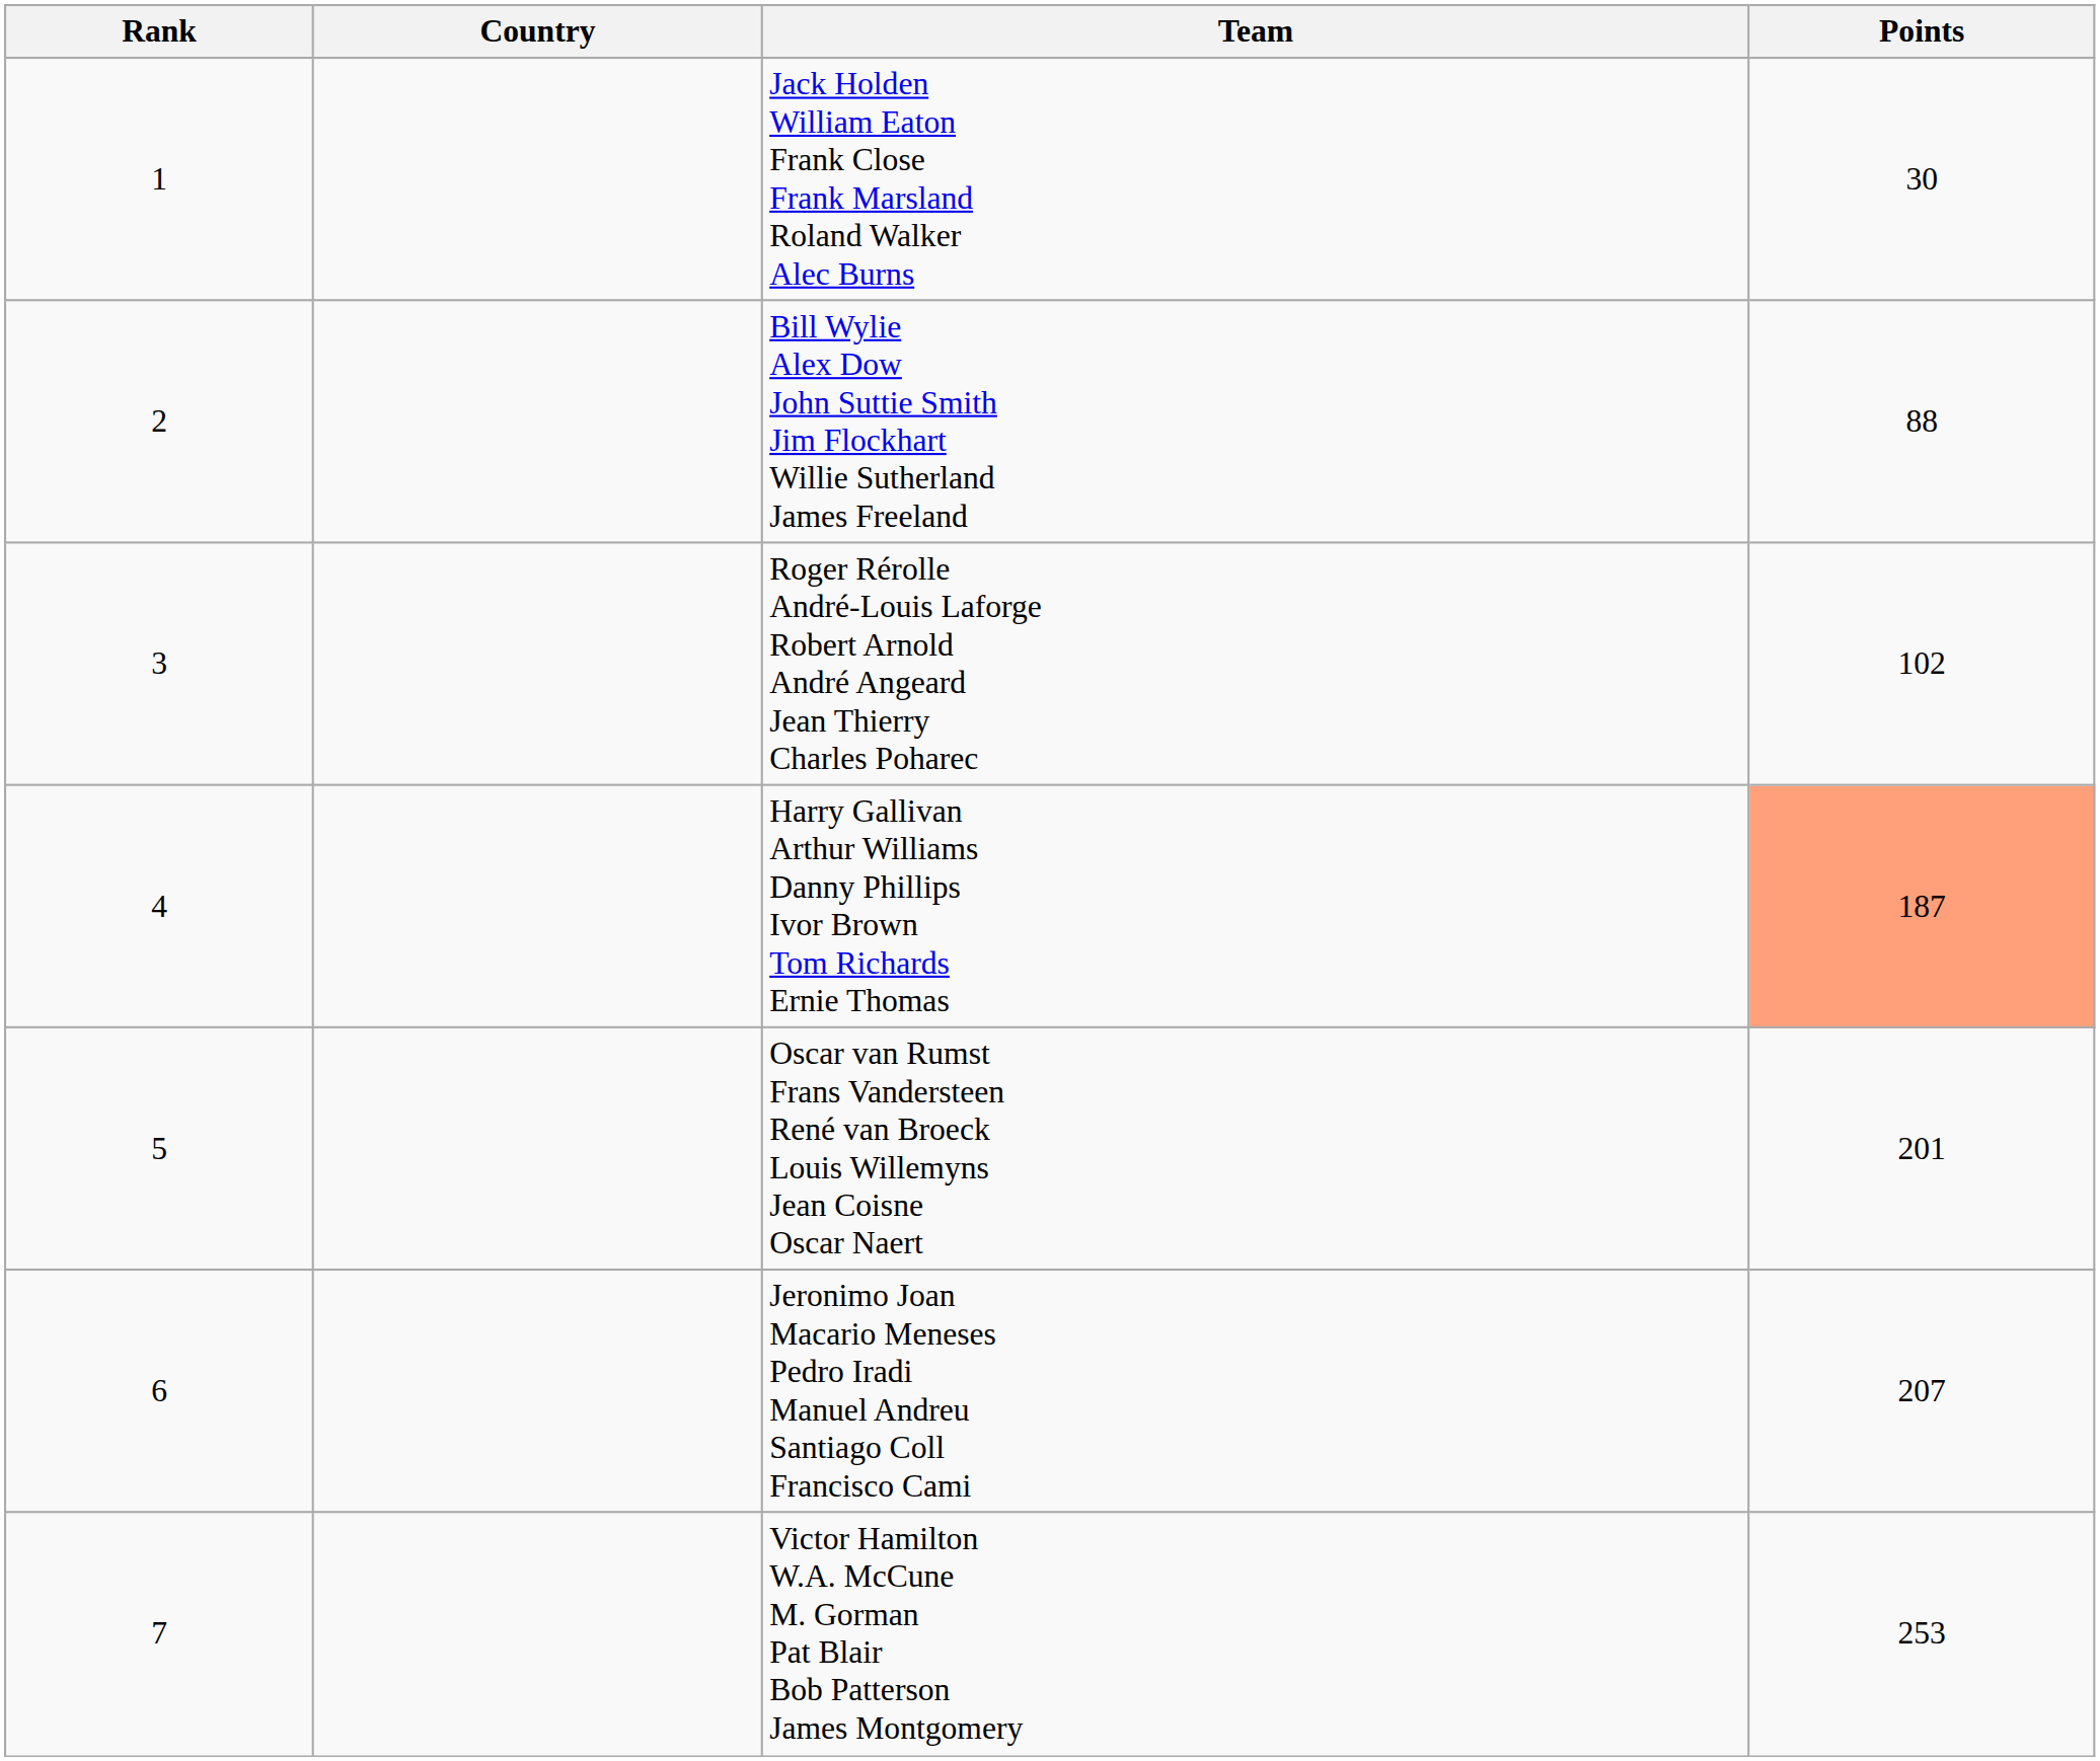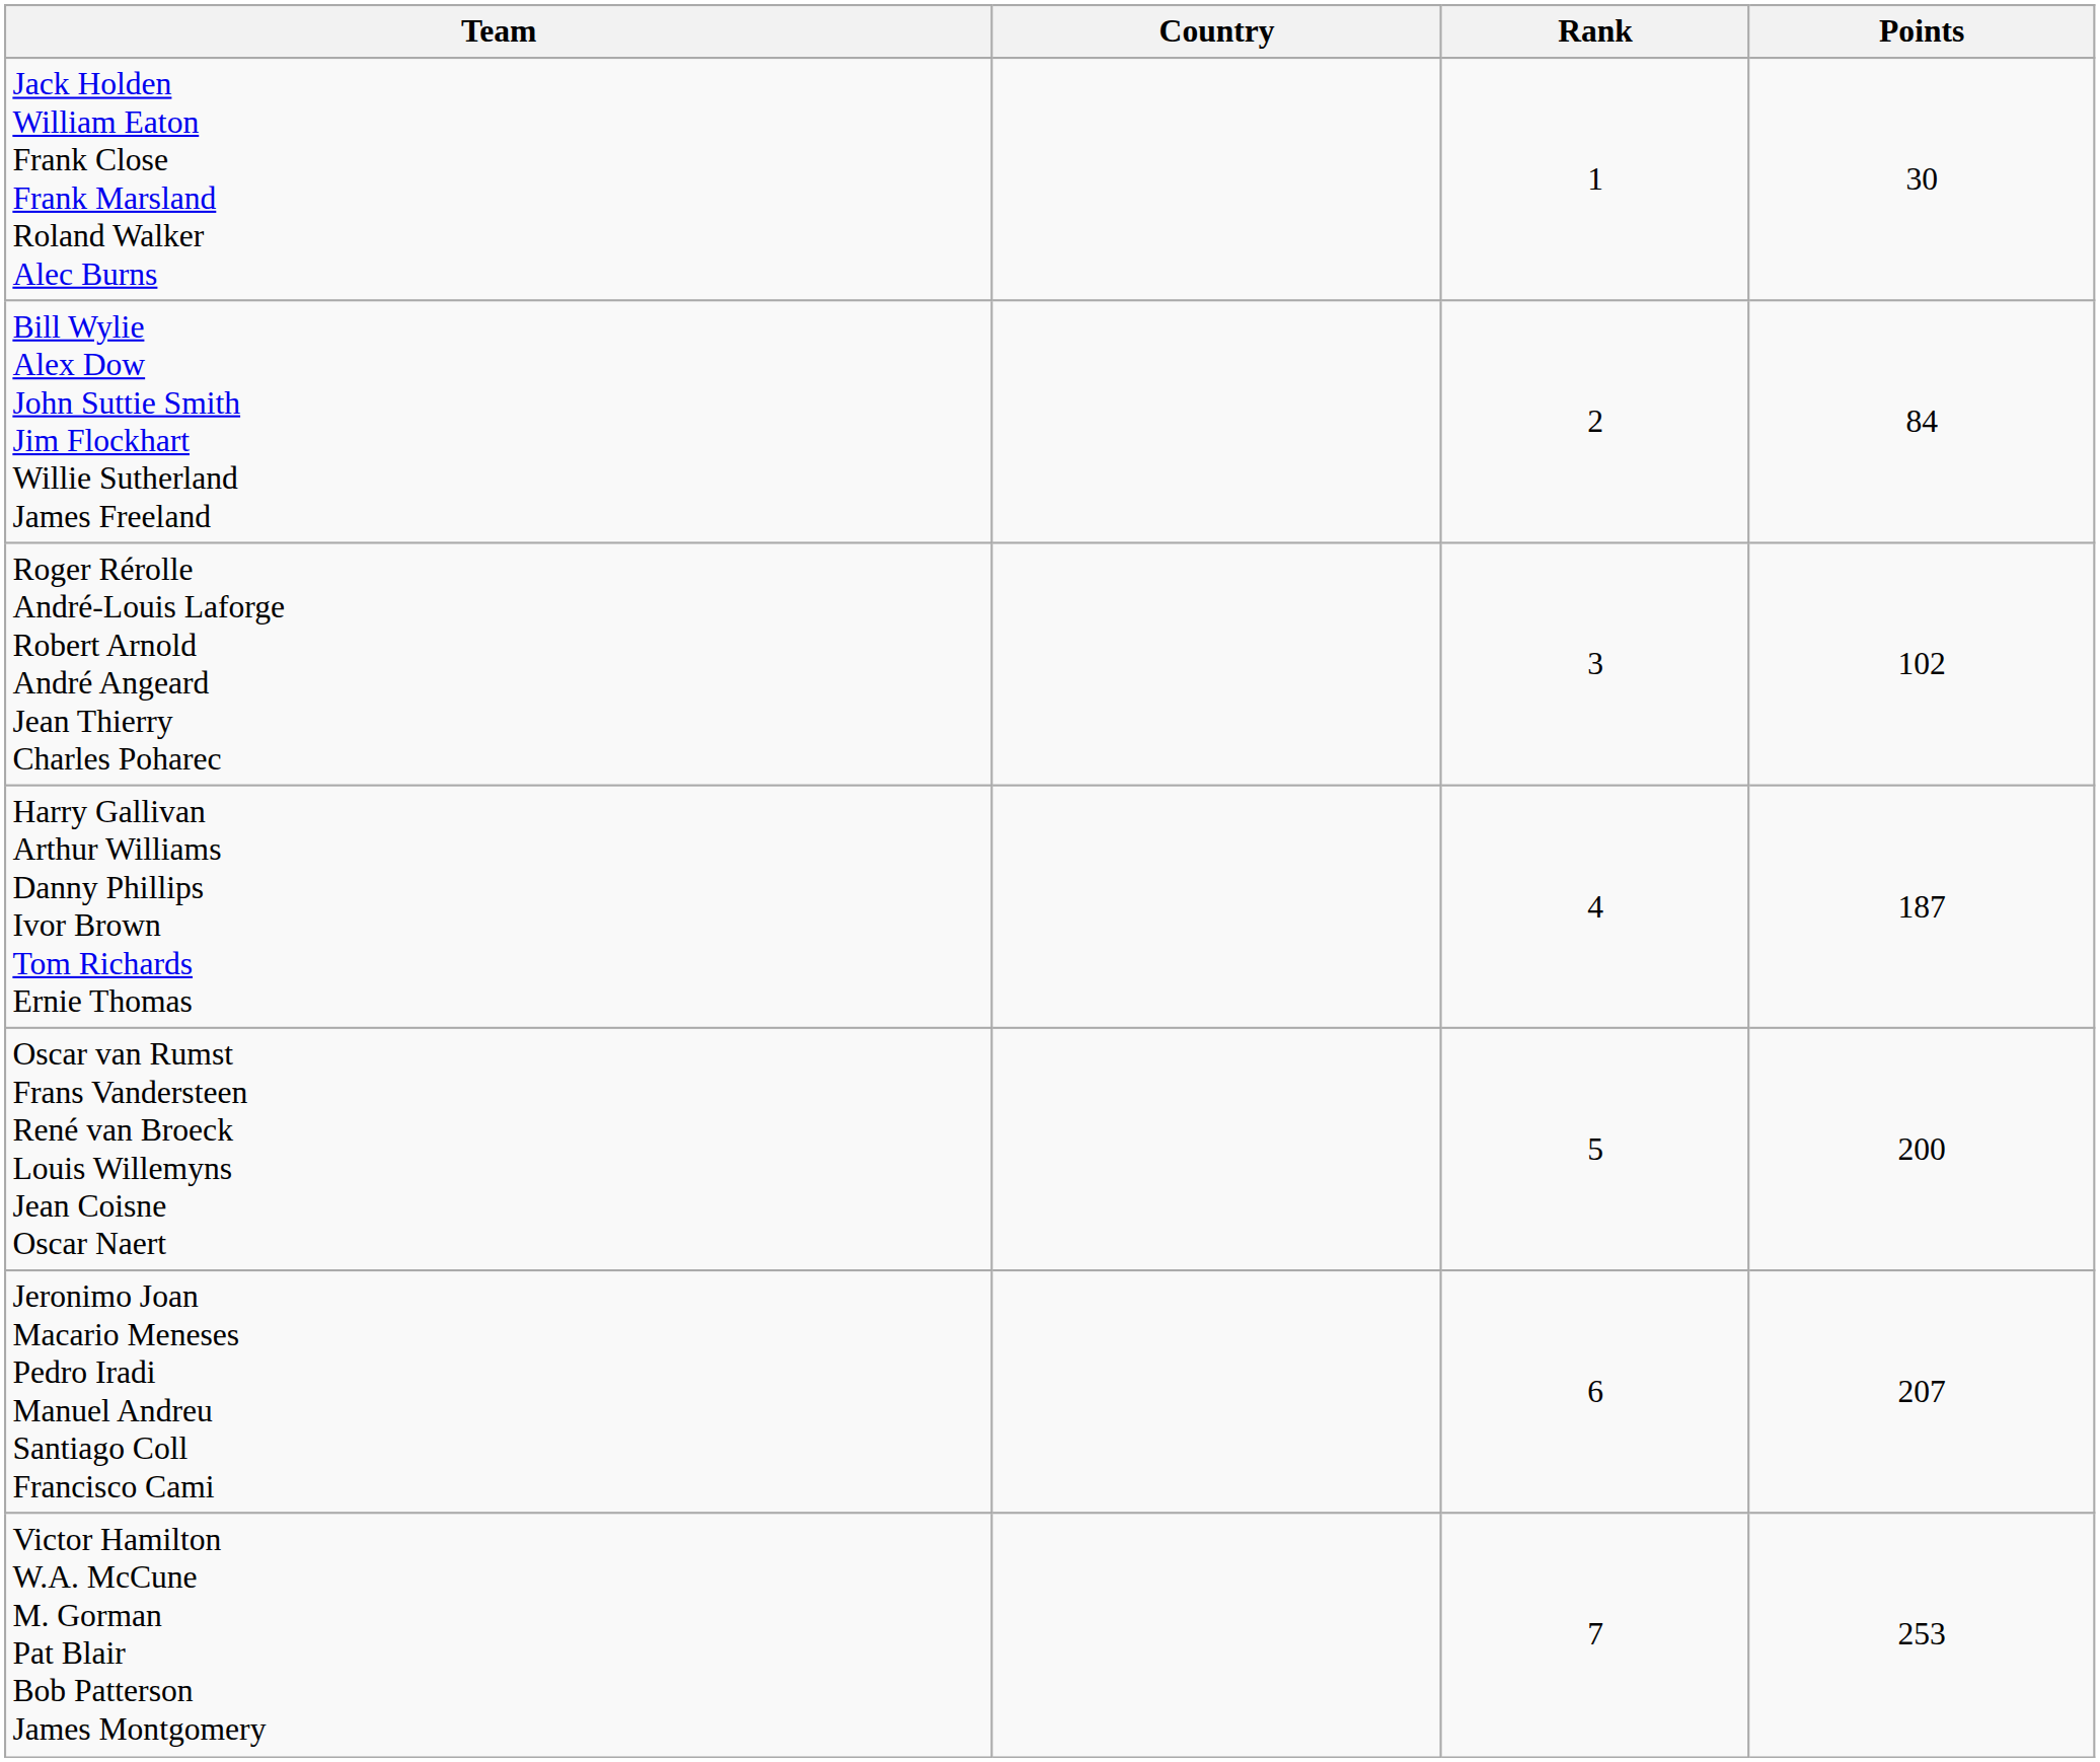 <table class="wikitable sortable" style=" text-align:center; font-size:95%;" width="50%">
 <tr>
+<th>Team</th>
+<th>Country</th>
 <th>Rank</th>
-<th>Country</th>
-<th>Team</th>
 <th>Points</th>
 </tr>
 <tr>
+<td align=left><a href='#'>Jack Holden</a><br><a href='#'>William Eaton</a><br>Frank Close<br><a href='#'>Frank Marsland</a><br>Roland Walker<br><a href='#'>Alec Burns</a></td>
+<td align=left></td>
 <td align=center>1</td>
-<td align=left></td>
-<td align=left><a href='#'>Jack Holden</a><br><a href='#'>William Eaton</a><br>Frank Close<br><a href='#'>Frank Marsland</a><br>Roland Walker<br><a href='#'>Alec Burns</a></td>
 <td>30</td>
 </tr>
 <tr>
+<td align=left><a href='#'>Bill Wylie</a><br><a href='#'>Alex Dow</a><br><a href='#'>John Suttie Smith</a><br><a href='#'>Jim Flockhart</a><br>Willie Sutherland<br>James Freeland</td>
+<td align=left></td>
 <td align=center>2</td>
-<td align=left></td>
-<td align=left><a href='#'>Bill Wylie</a><br><a href='#'>Alex Dow</a><br><a href='#'>John Suttie Smith</a><br><a href='#'>Jim Flockhart</a><br>Willie Sutherland<br>James Freeland</td>
-<td>88</td>
+<td>84</td>
 </tr>
 <tr>
+<td align=left>Roger Rérolle<br>André-Louis Laforge<br>Robert Arnold<br>André Angeard<br>Jean Thierry<br>Charles Poharec</td>
+<td align=left></td>
 <td align=center>3</td>
-<td align=left></td>
-<td align=left>Roger Rérolle<br>André-Louis Laforge<br>Robert Arnold<br>André Angeard<br>Jean Thierry<br>Charles Poharec</td>
 <td>102</td>
 </tr>
 <tr>
+<td align=left>Harry Gallivan<br>Arthur Williams<br>Danny Phillips<br>Ivor Brown<br><a href='#'>Tom Richards</a><br>Ernie Thomas</td>
+<td align=left></td>
 <td align=center>4</td>
-<td align=left></td>
-<td align=left>Harry Gallivan<br>Arthur Williams<br>Danny Phillips<br>Ivor Brown<br><a href='#'>Tom Richards</a><br>Ernie Thomas</td>
-<td style="background: lightsalmon;">187</td>
+<td>187</td>
 </tr>
 <tr>
+<td align=left>Oscar van Rumst<br>Frans Vandersteen<br>René van Broeck<br>Louis Willemyns<br>Jean Coisne<br>Oscar Naert</td>
+<td align=left></td>
 <td align=center>5</td>
-<td align=left></td>
-<td align=left>Oscar van Rumst<br>Frans Vandersteen<br>René van Broeck<br>Louis Willemyns<br>Jean Coisne<br>Oscar Naert</td>
-<td>201</td>
+<td>200</td>
 </tr>
 <tr>
+<td align=left>Jeronimo Joan<br>Macario Meneses<br>Pedro Iradi<br>Manuel Andreu<br>Santiago Coll<br>Francisco Cami</td>
+<td align=left></td>
 <td align=center>6</td>
-<td align=left></td>
-<td align=left>Jeronimo Joan<br>Macario Meneses<br>Pedro Iradi<br>Manuel Andreu<br>Santiago Coll<br>Francisco Cami</td>
 <td>207</td>
 </tr>
 <tr>
+<td align=left>Victor Hamilton<br>W.A. McCune<br>M. Gorman<br>Pat Blair<br>Bob Patterson<br>James Montgomery</td>
+<td align=left></td>
 <td align=center>7</td>
-<td align=left></td>
-<td align=left>Victor Hamilton<br>W.A. McCune<br>M. Gorman<br>Pat Blair<br>Bob Patterson<br>James Montgomery</td>
 <td>253</td>
 </tr>
 </table>
